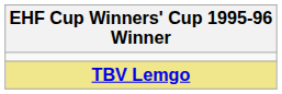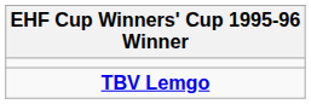 <table class="wikitable" style="text-align: center; margin: 0 auto;">
 <tr>
 <th>EHF Cup Winners' Cup 1995-96 <br> Winner</th>
 </tr>
 <tr>
 <td></td>
 </tr>
 <tr>
-<td style="background: khaki;"><strong><a href='#'>TBV Lemgo</a></strong></td>
+<td><strong><a href='#'>TBV Lemgo</a></strong></td>
 </tr>
 </table>
